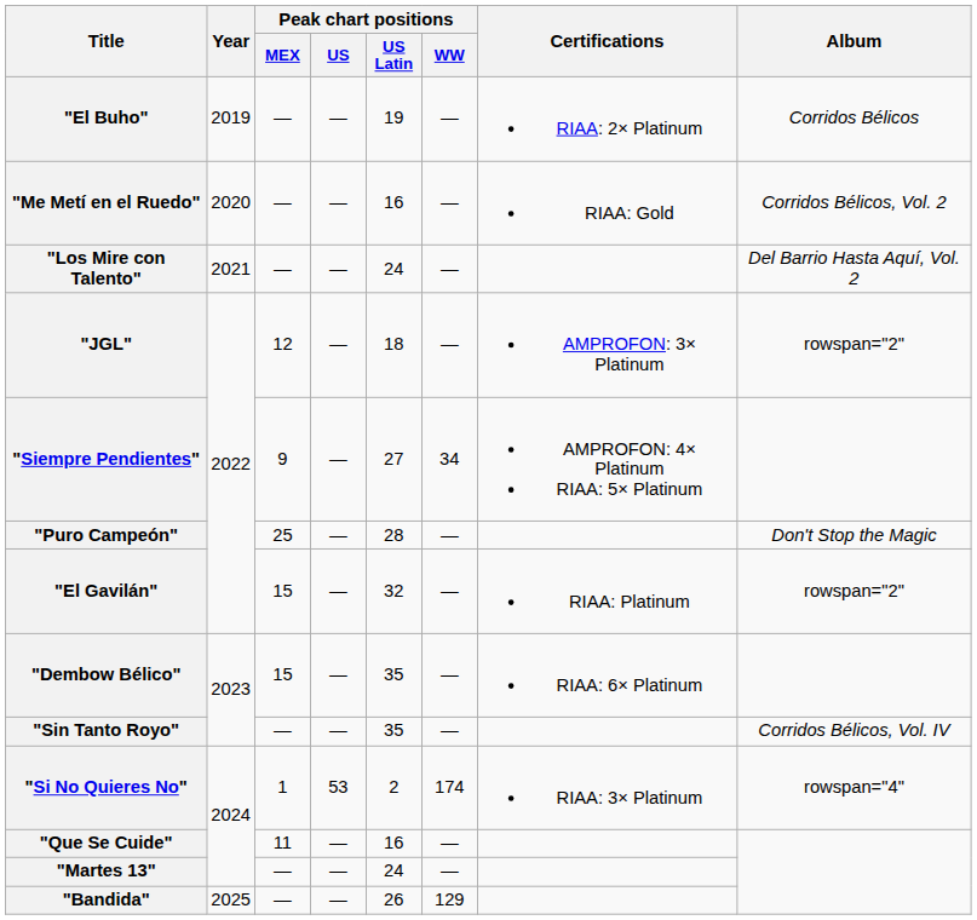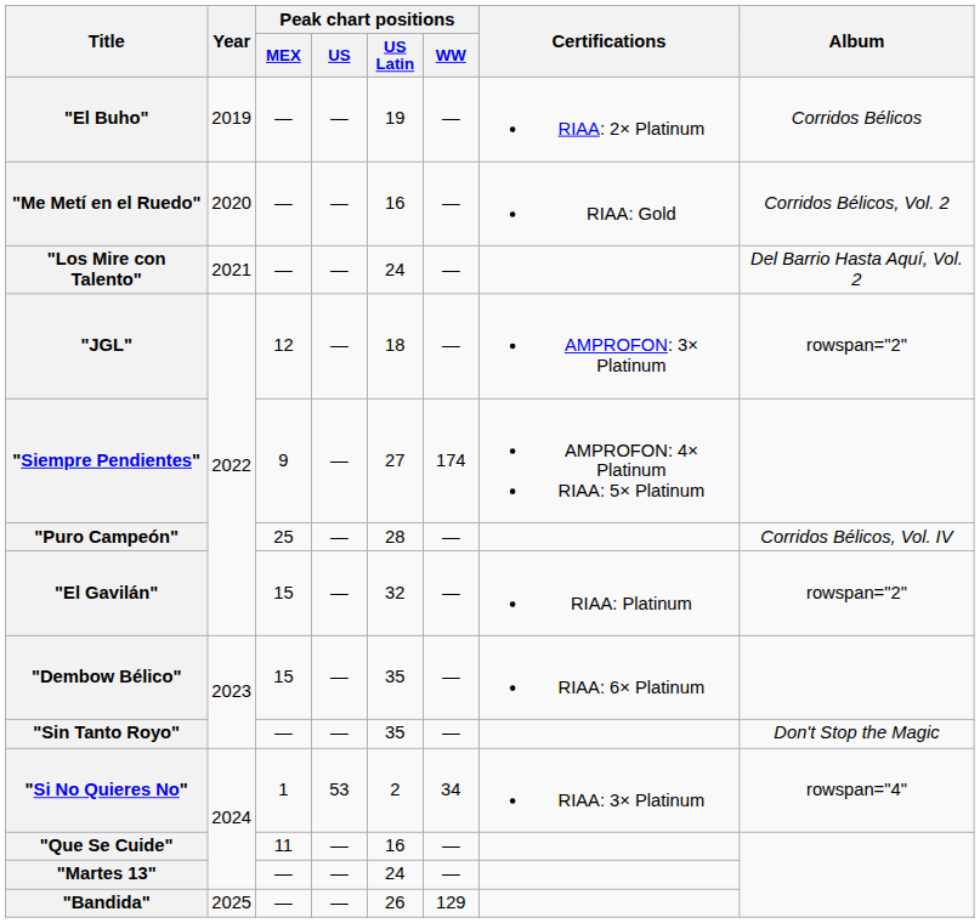 <table class="wikitable plainrowheaders" style="text-align: center">
 <tr>
 <th scope="col" rowspan="2">Title</th>
 <th scope="col" rowspan="2">Year</th>
 <th scope="col" colspan="4">Peak chart positions</th>
 <th scope="col" rowspan="2">Certifications</th>
 <th scope="col" rowspan="2">Album</th>
 </tr>
 <tr>
 <th scope="col" style="width:3em; font-size:90%"><a href='#'>MEX</a><br></th>
 <th scope="col" style="width:3em; font-size:90%"><a href='#'>US</a><br></th>
 <th scope="col" style="width:3em; font-size:90%"><a href='#'>US<br>Latin</a><br></th>
 <th scope="col" style="width:3em; font-size:90%"><a href='#'>WW</a><br></th>
 </tr>
 <tr>
 <th scope="row">"El Buho"</th>
 <td>2019</td>
 <td>—</td>
 <td>—</td>
 <td>19</td>
 <td>—</td>
 <td><br><ul><li><a href='#'>RIAA</a>: 2× Platinum </li></ul></td>
 <td><em>Corridos Bélicos</em></td>
 </tr>
 <tr>
 <th scope="row">"Me Metí en el Ruedo"</th>
 <td>2020</td>
 <td>—</td>
 <td>—</td>
 <td>16</td>
 <td>—</td>
 <td><br><ul><li>RIAA: Gold </li></ul></td>
 <td><em>Corridos Bélicos, Vol. 2</em></td>
 </tr>
 <tr>
 <th scope="row">"Los Mire con Talento"<br></th>
 <td>2021</td>
 <td>—</td>
 <td>—</td>
 <td>24</td>
 <td>—</td>
 <td></td>
 <td><em>Del Barrio Hasta Aquí, Vol. 2</em></td>
 </tr>
 <tr>
 <th scope="row">"JGL"<br></th>
 <td rowspan="4">2022</td>
 <td>12</td>
 <td>—</td>
 <td>18</td>
 <td>—</td>
 <td><br><ul><li><a href='#'>AMPROFON</a>: 3× Platinum</li></ul></td>
 <td>rowspan="2" </td>
 </tr>
 <tr>
 <th scope="row">"<a href='#'>Siempre Pendientes</a>"<br></th>
 <td>9</td>
 <td>—</td>
 <td>27</td>
-<td>34</td>
+<td>174</td>
 <td><br><ul><li>AMPROFON: 4× Platinum</li><li>RIAA: 5× Platinum </li></ul></td>
 </tr>
 <tr>
 <th scope="row">"Puro Campeón"<br></th>
 <td>25</td>
 <td>—</td>
 <td>28</td>
 <td>—</td>
 <td></td>
-<td><em>Don't Stop the Magic</em></td>
+<td><em>Corridos Bélicos, Vol. IV</em></td>
 </tr>
 <tr>
 <th scope="row">"El Gavilán"<br></th>
 <td>15</td>
 <td>—</td>
 <td>32</td>
 <td>—</td>
 <td><br><ul><li>RIAA: Platinum </li></ul></td>
 <td>rowspan="2" </td>
 </tr>
 <tr>
 <th scope="row">"Dembow Bélico"<br></th>
 <td rowspan="2">2023</td>
 <td>15</td>
 <td>—</td>
 <td>35</td>
 <td>—</td>
 <td><br><ul><li>RIAA: 6× Platinum </li></ul></td>
 </tr>
 <tr>
 <th scope="row">"Sin Tanto Royo"<br></th>
 <td>—</td>
 <td>—</td>
 <td>35</td>
 <td>—</td>
 <td></td>
-<td><em>Corridos Bélicos, Vol. IV</em></td>
+<td><em>Don't Stop the Magic</em></td>
 </tr>
 <tr>
 <th scope="row">"<a href='#'>Si No Quieres No</a>"<br></th>
 <td rowspan="3">2024</td>
 <td>1</td>
 <td>53</td>
 <td>2</td>
-<td>174</td>
+<td>34</td>
 <td><br><ul><li>RIAA: 3× Platinum </li></ul></td>
 <td>rowspan="4" </td>
 </tr>
 <tr>
 <th scope="row">"Que Se Cuide"<br></th>
 <td>11</td>
 <td>—</td>
 <td>16</td>
 <td>—</td>
 <td></td>
 </tr>
 <tr>
 <th scope="row">"Martes 13"</th>
 <td>—</td>
 <td>—</td>
 <td>24</td>
 <td>—</td>
 <td></td>
 </tr>
 <tr>
 <th scope="row">"Bandida"<br></th>
 <td>2025</td>
 <td>—</td>
 <td>—</td>
 <td>26</td>
 <td>129</td>
 <td></td>
 </tr>
 </table>
